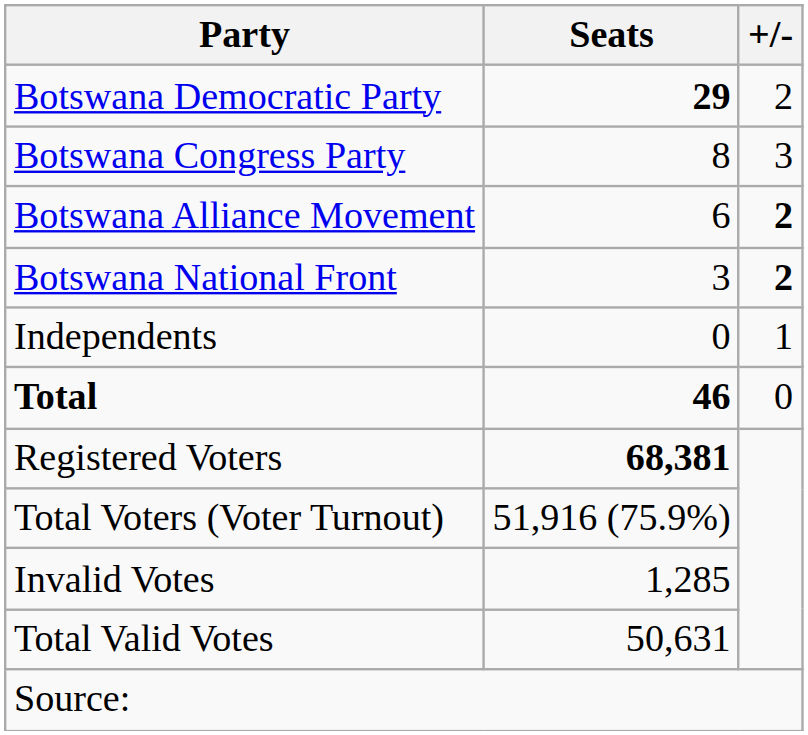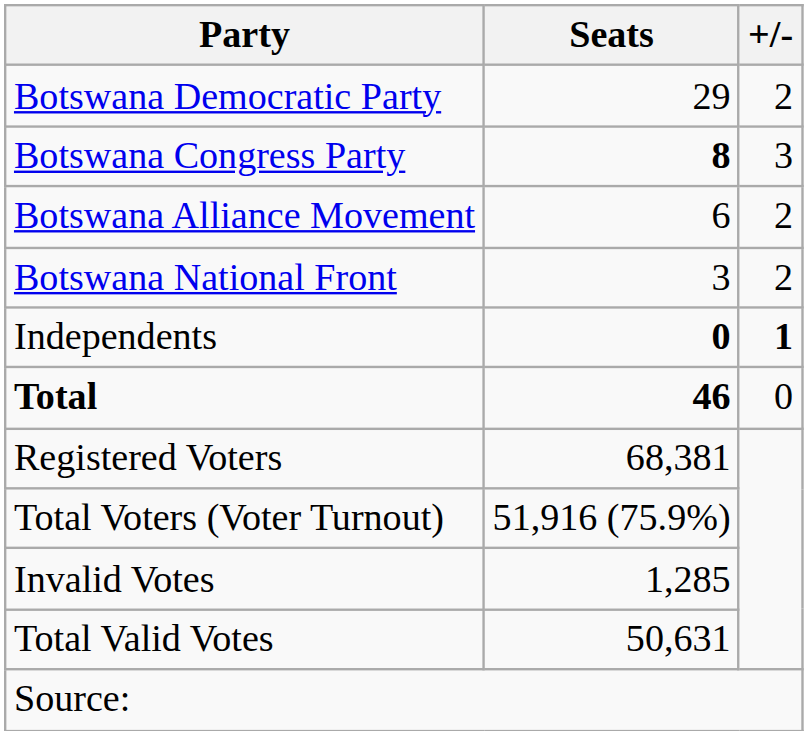 <table class=wikitable style=text-align:right>
 <tr>
 <th>Party</th>
 <th>Seats</th>
 <th>+/-</th>
 </tr>
 <tr>
 <td align=left><a href='#'>Botswana Democratic Party</a></td>
-<td><strong>29</strong></td>
+<td>29</td>
 <td>2</td>
 </tr>
 <tr>
 <td align=left><a href='#'>Botswana Congress Party</a></td>
-<td>8</td>
+<td><strong>8</strong></td>
 <td>3</td>
 </tr>
 <tr>
 <td align=left><a href='#'>Botswana Alliance Movement</a></td>
 <td>6</td>
-<td><strong>2</strong></td>
+<td>2</td>
 </tr>
 <tr>
 <td align=left><a href='#'>Botswana National Front</a></td>
 <td>3</td>
-<td><strong>2</strong></td>
+<td>2</td>
 </tr>
 <tr>
 <td align=left>Independents</td>
-<td>0</td>
-<td>1</td>
+<td><strong>0</strong></td>
+<td><strong>1</strong></td>
 </tr>
 <tr>
 <td align=left><strong>Total</strong></td>
 <td><strong>46</strong></td>
 <td>0</td>
 </tr>
 <tr>
 <td align=left>Registered Voters</td>
-<td><strong>68,381</strong></td>
+<td>68,381</td>
 </tr>
 <tr>
 <td align=left>Total Voters (Voter Turnout)</td>
 <td>51,916 (75.9%)</td>
 </tr>
 <tr>
 <td align=left>Invalid Votes</td>
 <td>1,285</td>
 </tr>
 <tr>
 <td align=left>Total Valid Votes</td>
 <td>50,631</td>
 </tr>
 <tr>
 <td colspan=4 align=left>Source: </td>
 </tr>
 </table>
